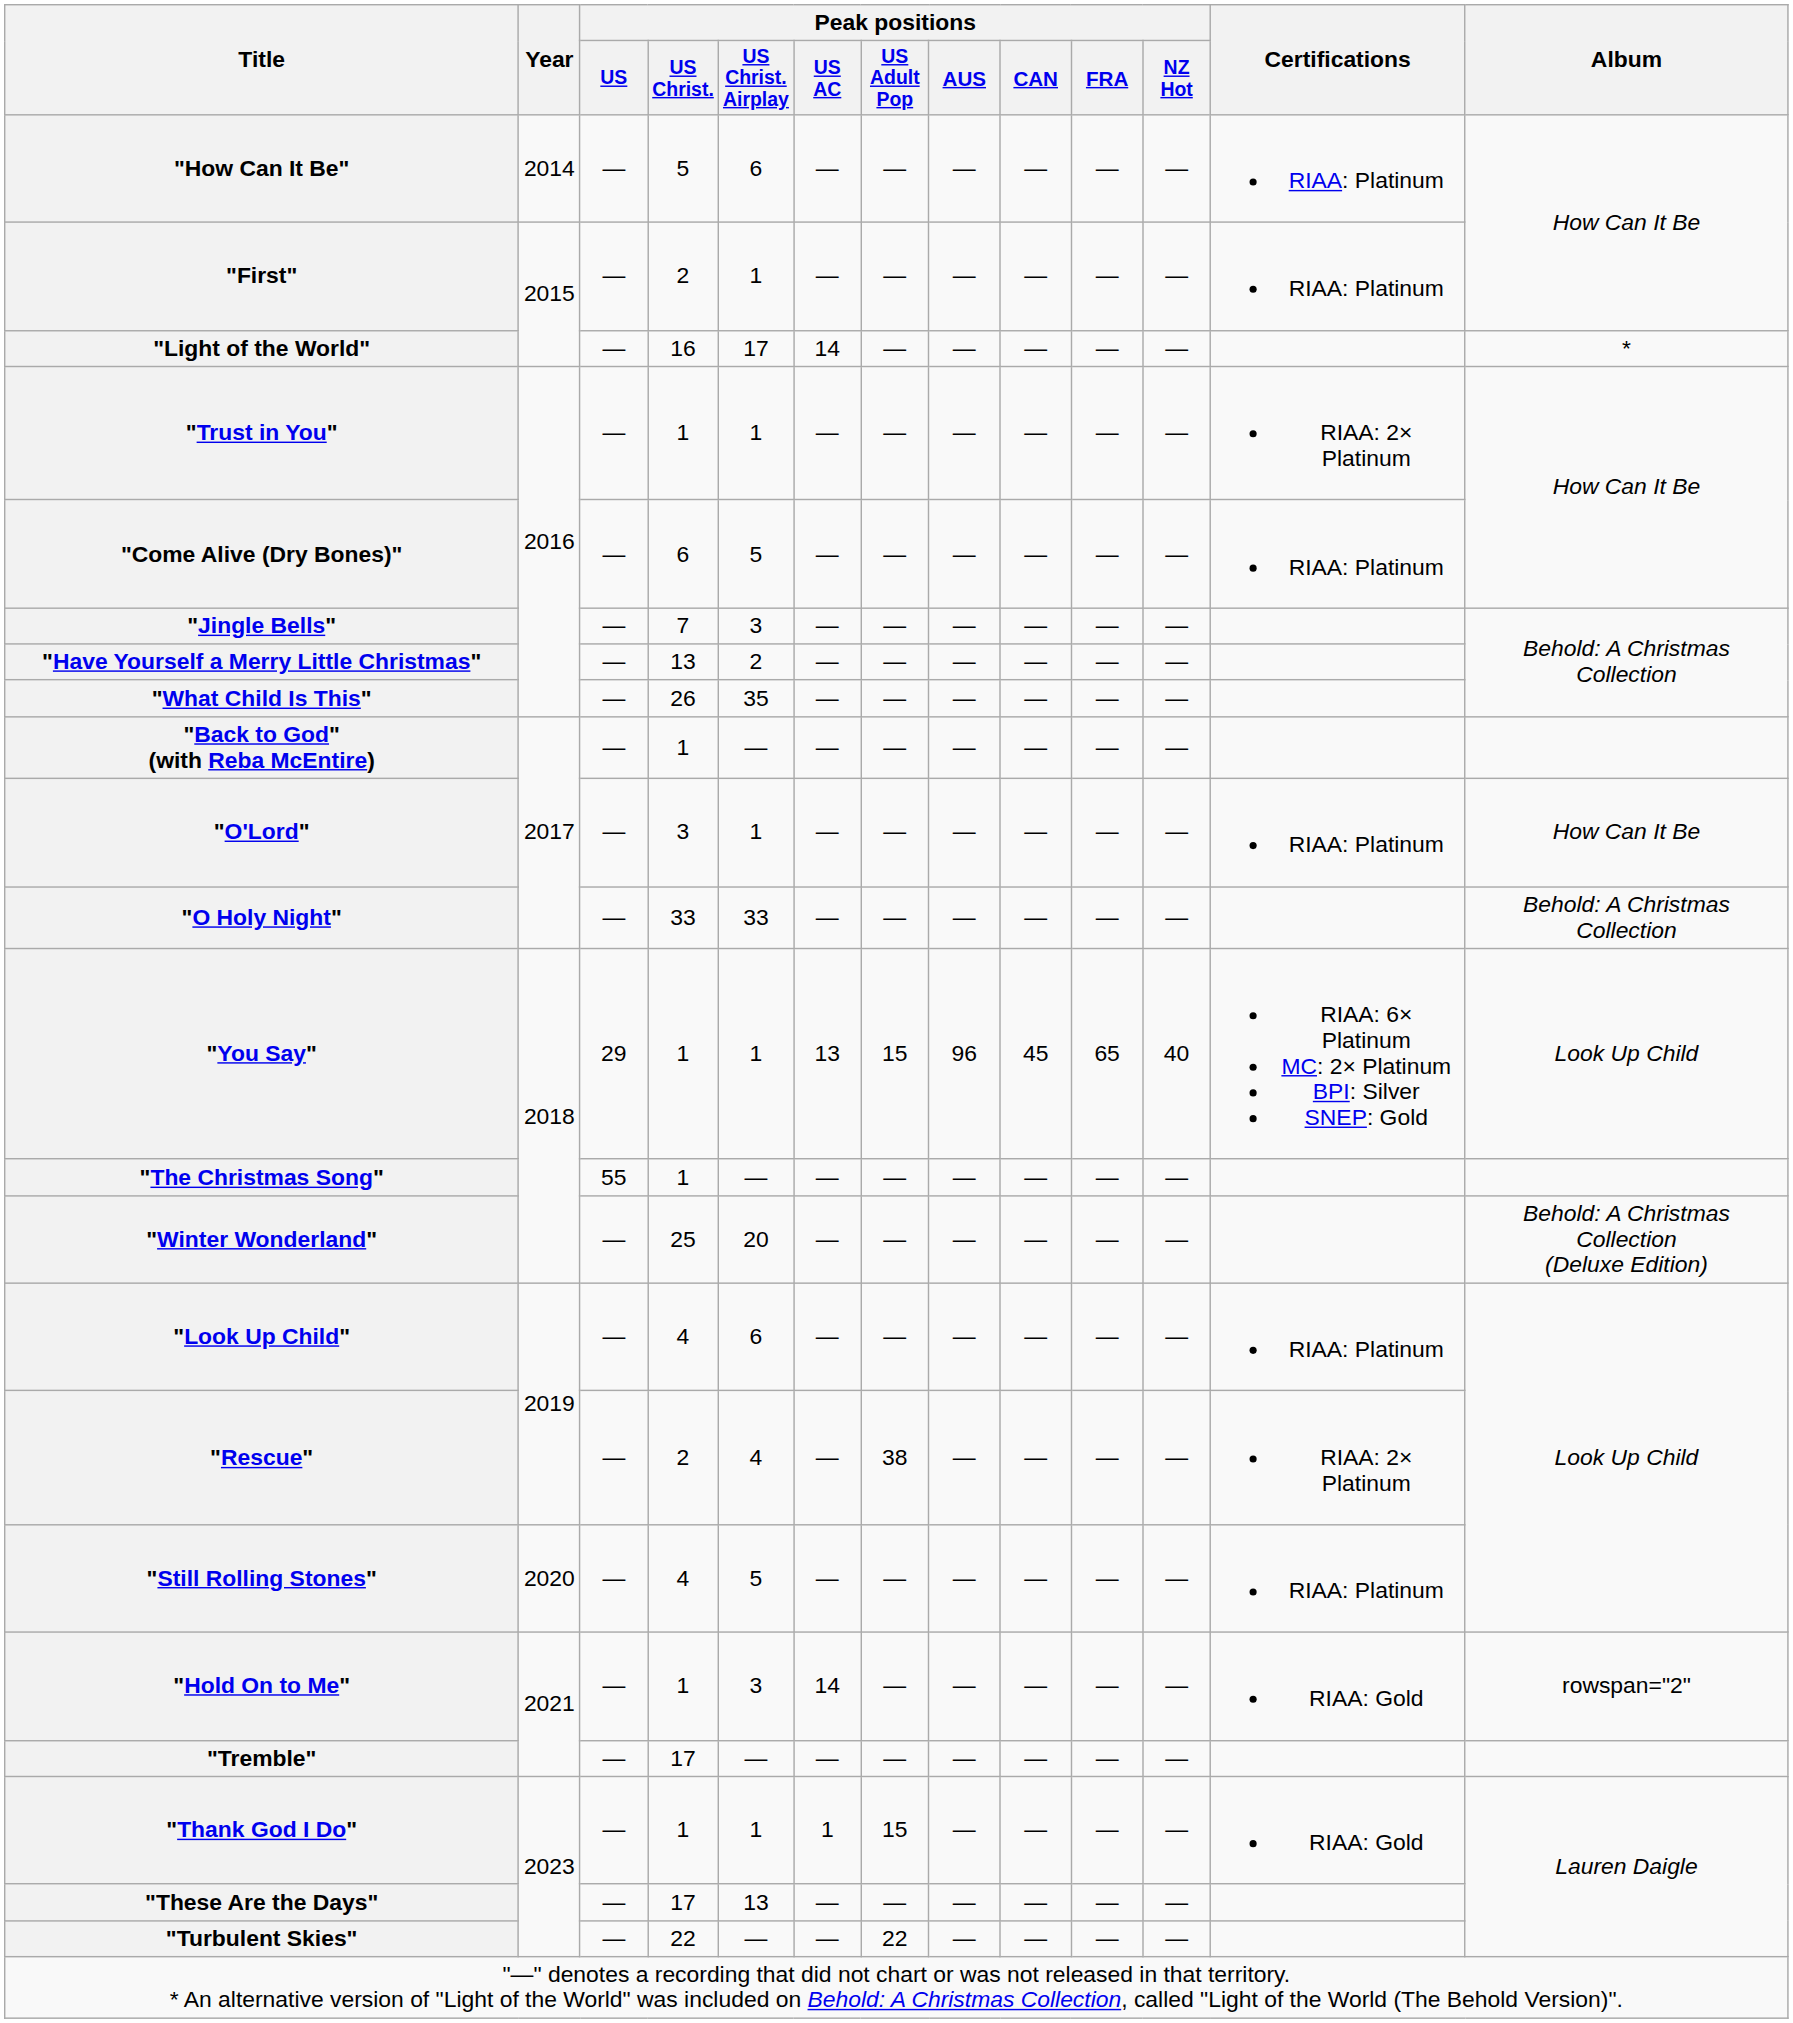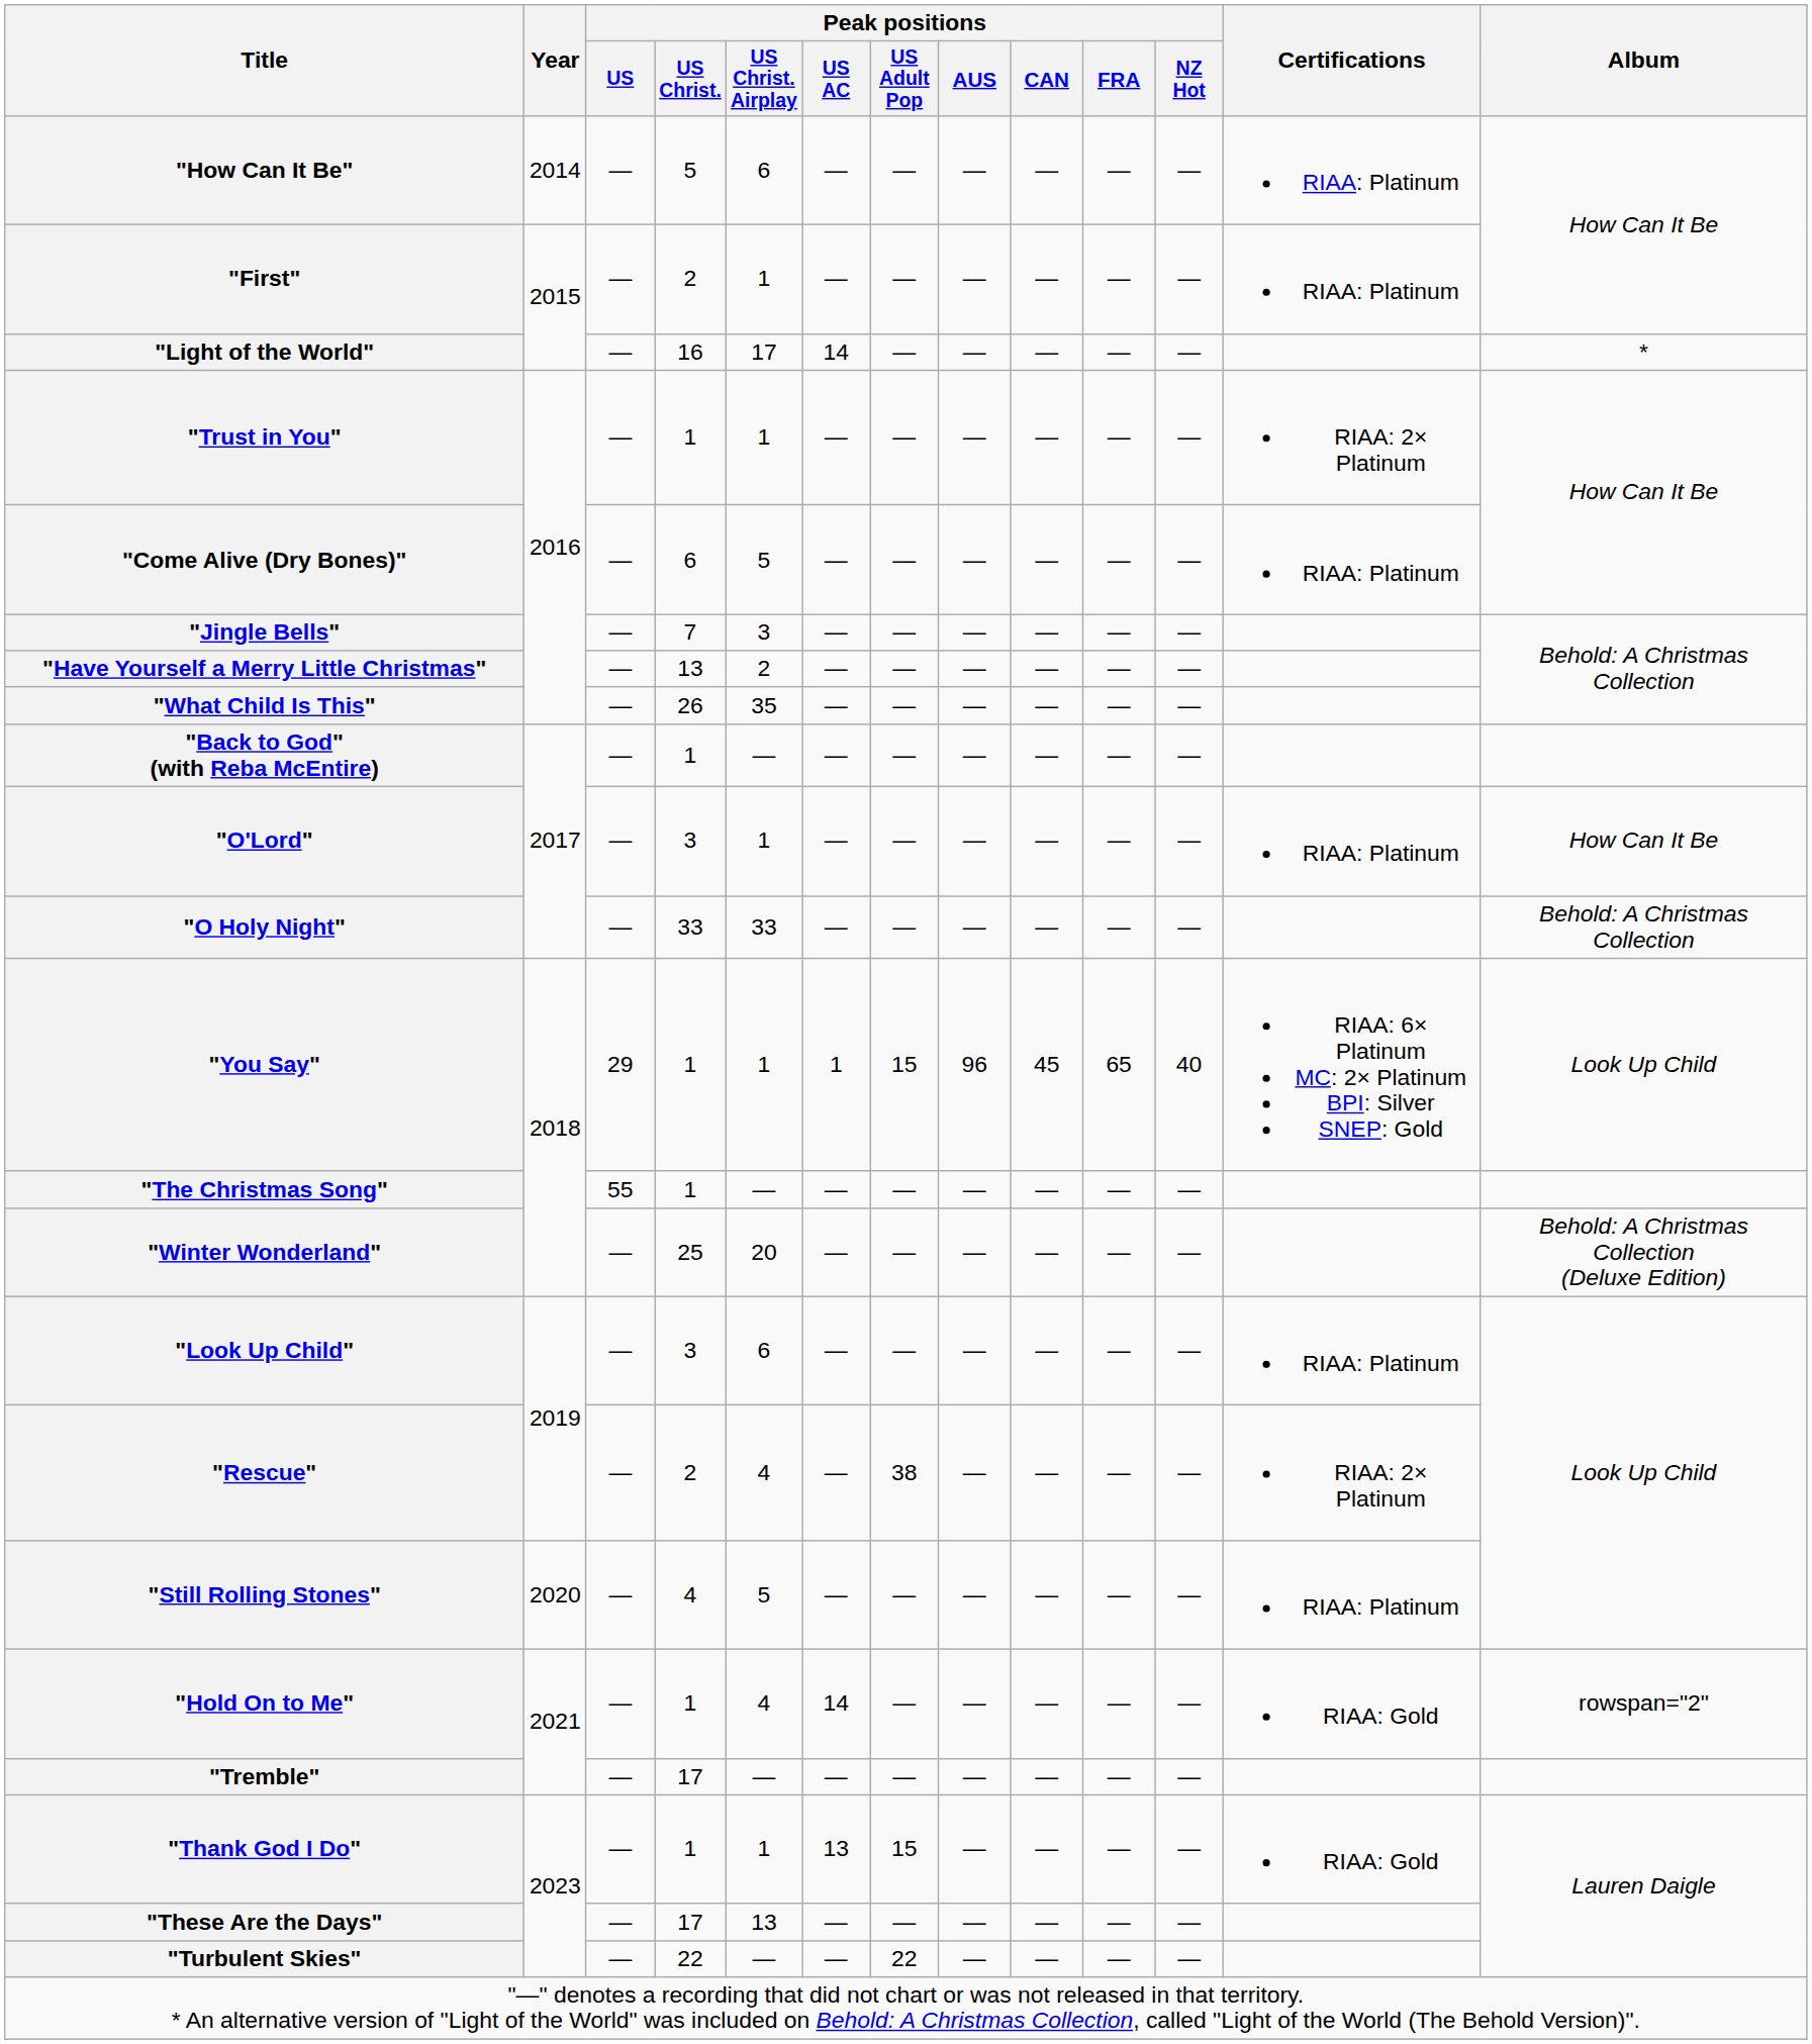 <table class="wikitable plainrowheaders" style="text-align:center;">
 <tr>
 <th rowspan="2" scope="col" style="width:22em;">Title</th>
 <th rowspan="2" scope="col" style="width:1em;">Year</th>
 <th scope="col" colspan="9">Peak positions</th>
 <th scope="col" rowspan="2">Certifications</th>
 <th scope="col" rowspan="2">Album</th>
 </tr>
 <tr>
 <th scope="col" style="width:3em;font-size:85%;"><a href='#'>US</a><br></th>
 <th scope="col" style="width:3em;font-size:85%;"><a href='#'>US Christ.</a><br></th>
 <th scope="col" style="width:3em;font-size:85%;"><a href='#'>US<br>Christ.<br>Airplay</a><br></th>
 <th scope="col" style="width:3em;font-size:85%;"><a href='#'>US<br>AC</a><br></th>
 <th scope="col" style="width:3em;font-size:85%;"><a href='#'>US<br>Adult Pop</a><br></th>
 <th scope="col" style="width:3em;font-size:90%;"><a href='#'>AUS</a><br></th>
 <th scope="col" style="width:3em;font-size:90%;"><a href='#'>CAN</a><br></th>
 <th scope="col" style="width:3em;font-size:90%;"><a href='#'>FRA</a><br></th>
 <th scope="col" style="width:3em;font-size:85%;"><a href='#'>NZ<br>Hot</a><br></th>
 </tr>
 <tr>
 <th scope="row">"How Can It Be"</th>
 <td>2014</td>
 <td>—</td>
 <td>5</td>
 <td>6</td>
 <td>—</td>
 <td>—</td>
 <td>—</td>
 <td>—</td>
 <td>—</td>
 <td>—</td>
 <td><br><ul><li><a href='#'>RIAA</a>: Platinum</li></ul></td>
 <td rowspan="2"><em>How Can It Be</em></td>
 </tr>
 <tr>
 <th scope="row">"First"</th>
 <td rowspan="2">2015</td>
 <td>—</td>
 <td>2</td>
 <td>1</td>
 <td>—</td>
 <td>—</td>
 <td>—</td>
 <td>—</td>
 <td>—</td>
 <td>—</td>
 <td><br><ul><li>RIAA: Platinum</li></ul></td>
 </tr>
 <tr>
 <th scope="row">"Light of the World"</th>
 <td>—</td>
 <td>16</td>
 <td>17</td>
 <td>14</td>
 <td>—</td>
 <td>—</td>
 <td>—</td>
 <td>—</td>
 <td>—</td>
 <td></td>
 <td><span>*</span></td>
 </tr>
 <tr>
 <th scope="row">"<a href='#'>Trust in You</a>"</th>
 <td rowspan="5">2016</td>
 <td>—</td>
 <td>1</td>
 <td>1</td>
 <td>—</td>
 <td>—</td>
 <td>—</td>
 <td>—</td>
 <td>—</td>
 <td>—</td>
 <td><br><ul><li>RIAA: 2× Platinum</li></ul></td>
 <td rowspan="2"><em>How Can It Be</em></td>
 </tr>
 <tr>
 <th scope="row">"Come Alive (Dry Bones)"</th>
 <td>—</td>
 <td>6</td>
 <td>5</td>
 <td>—</td>
 <td>—</td>
 <td>—</td>
 <td>—</td>
 <td>—</td>
 <td>—</td>
 <td><br><ul><li>RIAA: Platinum</li></ul></td>
 </tr>
 <tr>
 <th scope="row">"<a href='#'>Jingle Bells</a>"</th>
 <td>—</td>
 <td>7</td>
 <td>3</td>
 <td>—</td>
 <td>—</td>
 <td>—</td>
 <td>—</td>
 <td>—</td>
 <td>—</td>
 <td></td>
 <td rowspan="3"><em>Behold: A Christmas Collection</em></td>
 </tr>
 <tr>
 <th scope="row">"<a href='#'>Have Yourself a Merry Little Christmas</a>"</th>
 <td>—</td>
 <td>13</td>
 <td>2</td>
 <td>—</td>
 <td>—</td>
 <td>—</td>
 <td>—</td>
 <td>—</td>
 <td>—</td>
 <td></td>
 </tr>
 <tr>
 <th scope="row">"<a href='#'>What Child Is This</a>"</th>
 <td>—</td>
 <td>26</td>
 <td>35</td>
 <td>—</td>
 <td>—</td>
 <td>—</td>
 <td>—</td>
 <td>—</td>
 <td>—</td>
 <td></td>
 </tr>
 <tr>
 <th scope="row">"<a href='#'>Back to God</a>"<br><span>(with <a href='#'>Reba McEntire</a>)</span></th>
 <td rowspan="3">2017</td>
 <td>—</td>
 <td>1</td>
 <td>—</td>
 <td>—</td>
 <td>—</td>
 <td>—</td>
 <td>—</td>
 <td>—</td>
 <td>—</td>
 <td></td>
 <td></td>
 </tr>
 <tr>
 <th scope="row">"<a href='#'>O'Lord</a>"</th>
 <td>—</td>
 <td>3</td>
 <td>1</td>
 <td>—</td>
 <td>—</td>
 <td>—</td>
 <td>—</td>
 <td>—</td>
 <td>—</td>
 <td><br><ul><li>RIAA: Platinum</li></ul></td>
 <td><em>How Can It Be</em></td>
 </tr>
 <tr>
 <th scope="row">"<a href='#'>O Holy Night</a>"</th>
 <td>—</td>
 <td>33</td>
 <td>33</td>
 <td>—</td>
 <td>—</td>
 <td>—</td>
 <td>—</td>
 <td>—</td>
 <td>—</td>
 <td></td>
 <td><em>Behold: A Christmas Collection</em></td>
 </tr>
 <tr>
 <th scope="row">"<a href='#'>You Say</a>"</th>
 <td rowspan="3">2018</td>
 <td>29</td>
 <td>1</td>
 <td>1</td>
-<td>13</td>
+<td>1</td>
 <td>15</td>
 <td>96</td>
 <td>45</td>
 <td>65</td>
 <td>40</td>
 <td><br><ul><li>RIAA: 6× Platinum</li><li><a href='#'>MC</a>: 2× Platinum</li><li><a href='#'>BPI</a>: Silver</li><li><a href='#'>SNEP</a>: Gold</li></ul></td>
 <td><em>Look Up Child</em></td>
 </tr>
 <tr>
 <th scope="row">"<a href='#'>The Christmas Song</a>"</th>
 <td>55</td>
 <td>1</td>
 <td>—</td>
 <td>—</td>
 <td>—</td>
 <td>—</td>
 <td>—</td>
 <td>—</td>
 <td>—</td>
 <td></td>
 <td></td>
 </tr>
 <tr>
 <th scope="row">"<a href='#'>Winter Wonderland</a>"</th>
 <td>—</td>
 <td>25</td>
 <td>20</td>
 <td>—</td>
 <td>—</td>
 <td>—</td>
 <td>—</td>
 <td>—</td>
 <td>—</td>
 <td></td>
 <td><em>Behold: A Christmas Collection<br>(Deluxe Edition)</em></td>
 </tr>
 <tr>
 <th scope="row">"<a href='#'>Look Up Child</a>"</th>
 <td rowspan="2">2019</td>
 <td>—</td>
-<td>4</td>
+<td>3</td>
 <td>6</td>
 <td>—</td>
 <td>—</td>
 <td>—</td>
 <td>—</td>
 <td>—</td>
 <td>—</td>
 <td><br><ul><li>RIAA: Platinum</li></ul></td>
 <td rowspan="3"><em>Look Up Child</em></td>
 </tr>
 <tr>
 <th scope="row">"<a href='#'>Rescue</a>"</th>
 <td>—</td>
 <td>2</td>
 <td>4</td>
 <td>—</td>
 <td>38</td>
 <td>—</td>
 <td>—</td>
 <td>—</td>
 <td>—</td>
 <td><br><ul><li>RIAA: 2× Platinum</li></ul></td>
 </tr>
 <tr>
 <th scope="row">"<a href='#'>Still Rolling Stones</a>"</th>
 <td>2020</td>
 <td>—</td>
 <td>4</td>
 <td>5</td>
 <td>—</td>
 <td>—</td>
 <td>—</td>
 <td>—</td>
 <td>—</td>
 <td>—</td>
 <td><br><ul><li>RIAA: Platinum</li></ul></td>
 </tr>
 <tr>
 <th scope="row">"<a href='#'>Hold On to Me</a>"</th>
 <td rowspan="2">2021</td>
 <td>—</td>
 <td>1</td>
-<td>3</td>
+<td>4</td>
 <td>14</td>
 <td>—</td>
 <td>—</td>
 <td>—</td>
 <td>—</td>
 <td>—</td>
 <td><br><ul><li>RIAA: Gold</li></ul></td>
 <td>rowspan="2" </td>
 </tr>
 <tr>
 <th scope="row">"Tremble"</th>
 <td>—</td>
 <td>17</td>
 <td>—</td>
 <td>—</td>
 <td>—</td>
 <td>—</td>
 <td>—</td>
 <td>—</td>
 <td>—</td>
 <td></td>
 </tr>
 <tr>
 <th scope="row">"<a href='#'>Thank God I Do</a>"</th>
 <td rowspan="3">2023</td>
 <td>—</td>
 <td>1</td>
 <td>1</td>
-<td>1</td>
+<td>13</td>
 <td>15</td>
 <td>—</td>
 <td>—</td>
 <td>—</td>
 <td>—</td>
 <td><br><ul><li>RIAA: Gold</li></ul></td>
 <td rowspan="3"><em>Lauren Daigle</em></td>
 </tr>
 <tr>
 <th scope="row">"These Are the Days"</th>
 <td>—</td>
 <td>17</td>
 <td>13</td>
 <td>—</td>
 <td>—</td>
 <td>—</td>
 <td>—</td>
 <td>—</td>
 <td>—</td>
 <td></td>
 </tr>
 <tr>
 <th scope="row">"Turbulent Skies"</th>
 <td>—</td>
 <td>22</td>
 <td>—</td>
 <td>—</td>
 <td>22</td>
 <td>—</td>
 <td>—</td>
 <td>—</td>
 <td>—</td>
 <td></td>
 </tr>
 <tr>
 <td colspan="15">"—" denotes a recording that did not chart or was not released in that territory.<br><span>*</span> An alternative version of "Light of the World" was included on <em><a href='#'>Behold: A Christmas Collection</a></em>, called "Light of the World (The Behold Version)".</td>
 </tr>
 </table>
